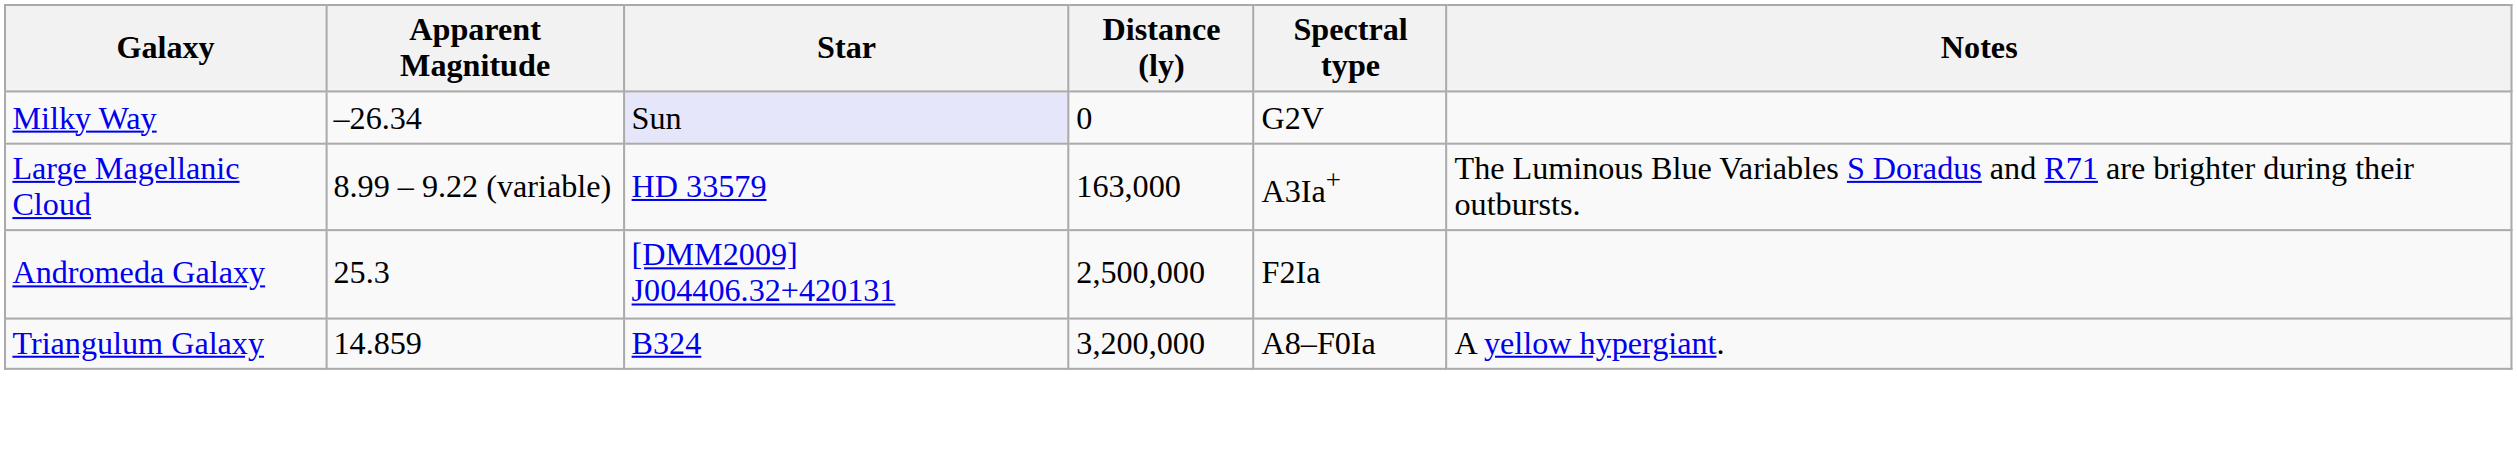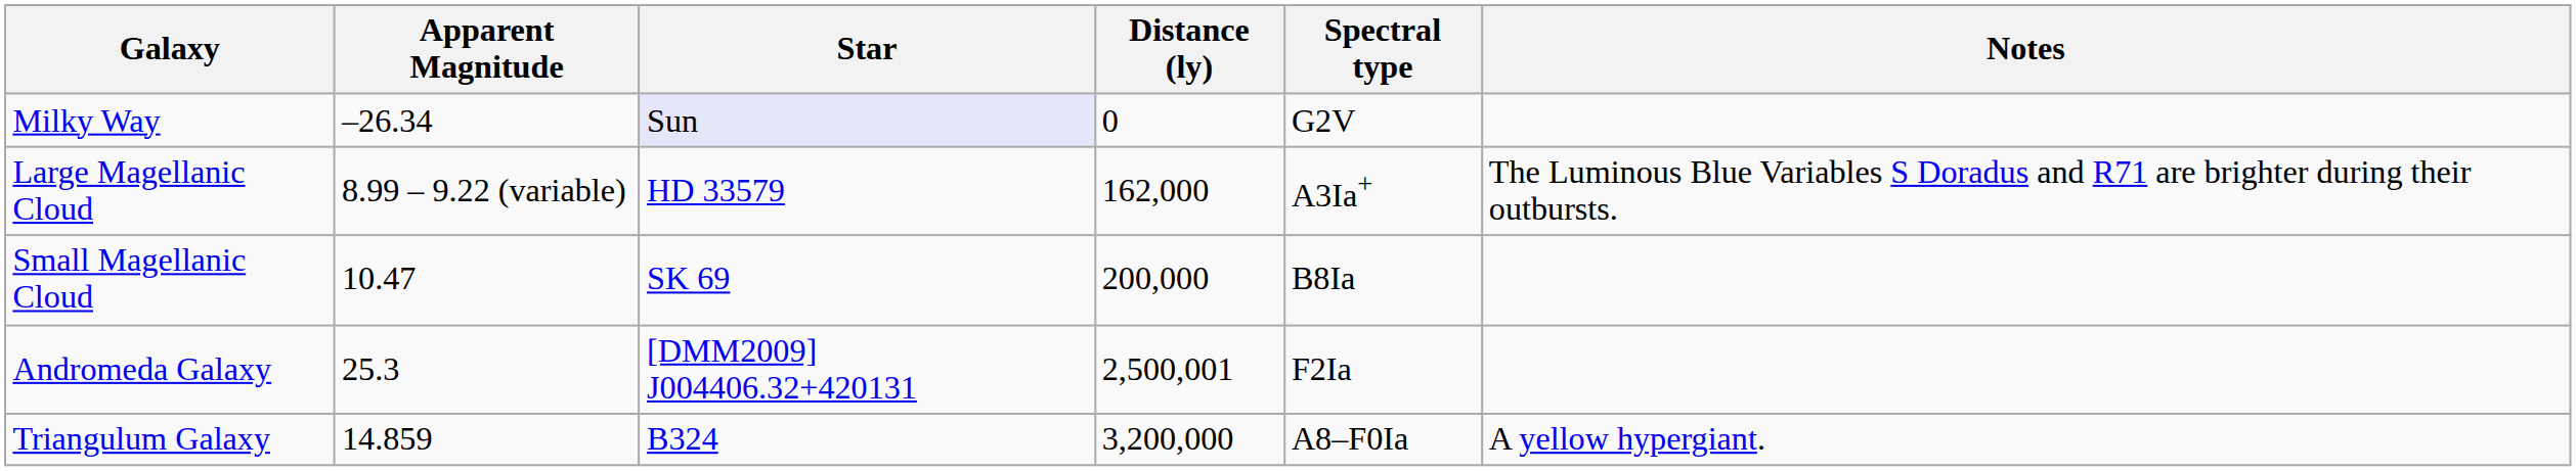 <table class="wikitable sortable sticky-header">
 <tr>
 <th>Galaxy</th>
 <th>Apparent Magnitude</th>
 <th>Star</th>
 <th>Distance (ly)</th>
 <th>Spectral type</th>
 <th>Notes</th>
 </tr>
 <tr>
 <td><a href='#'>Milky Way</a></td>
 <td>–26.34</td>
 <td style="background: lavender;">Sun</td>
 <td>0</td>
 <td style="background: ">G2V</td>
 </tr>
 <tr>
 <td><a href='#'>Large Magellanic Cloud</a></td>
 <td>8.99 – 9.22 (variable)</td>
 <td><a href='#'>HD 33579</a></td>
-<td>163,000</td>
+<td>162,000</td>
 <td style="background: ">A3Ia<sup>+</sup></td>
 <td>The Luminous Blue Variables <a href='#'>S Doradus</a> and <a href='#'>R71</a> are brighter during their outbursts.</td>
+</tr>
+<tr>
+<td><a href='#'>Small Magellanic Cloud</a></td>
+<td>10.47</td>
+<td><a href='#'>SK 69</a></td>
+<td>200,000</td>
+<td style="background: ">B8Ia</td>
+<td></td>
 </tr>
 <tr>
 <td><a href='#'>Andromeda Galaxy</a></td>
 <td>25.3</td>
 <td><a href='#'>[DMM2009] J004406.32+420131</a></td>
-<td>2,500,000</td>
+<td>2,500,001</td>
 <td style="background: ">F2Ia</td>
 <td></td>
 </tr>
 <tr>
 <td><a href='#'>Triangulum Galaxy</a></td>
 <td>14.859</td>
 <td><a href='#'>B324</a></td>
 <td>3,200,000</td>
 <td style="background: ">A8–F0Ia</td>
 <td>A <a href='#'>yellow hypergiant</a>.</td>
 </tr>
 </table>
